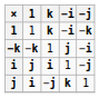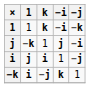 <table class="wikitable" style="text-align:center">
 <tr>
 <th width=15>×</th>
 <th width=15>1</th>
 <th width=15><strong>k</strong></th>
 <th width=15>−<strong>i</strong></th>
 <th width=15>−<strong>j</strong></th>
 </tr>
 <tr>
 <th>1</th>
 <td>1</td>
 <td><strong>k</strong></td>
 <td>−<strong>i</strong></td>
 <td>−<strong>k</strong></td>
 </tr>
 <tr>
-<th>−<strong>k</strong></th>
+<th><strong>j</strong></th>
 <td>−<strong>k</strong></td>
 <td>1</td>
 <td><strong>j</strong></td>
 <td>−<strong>i</strong></td>
 </tr>
 <tr>
 <th><strong>i</strong></th>
 <td><strong>j</strong></td>
 <td><strong>i</strong></td>
 <td>1</td>
 <td>−<strong>j</strong></td>
 </tr>
 <tr>
-<th><strong>j</strong></th>
+<th>−<strong>k</strong></th>
 <td><strong>i</strong></td>
 <td>−<strong>j</strong></td>
 <td><strong>k</strong></td>
 <td>1</td>
 </tr>
 <tr>
 </tr>
 </table>
